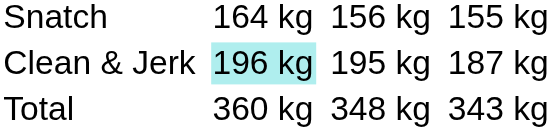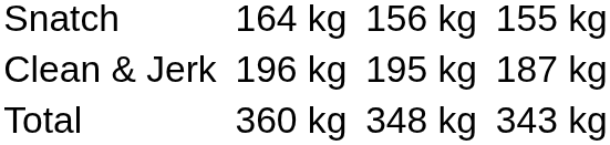 <table>
 <tr>
 <td>Snatch</td>
 <td></td>
 <td>164 kg</td>
 <td></td>
 <td>156 kg</td>
 <td></td>
 <td>155 kg</td>
 </tr>
 <tr>
 <td>Clean & Jerk</td>
 <td></td>
-<td style="background: paleturquoise;">196 kg</td>
+<td>196 kg</td>
 <td></td>
 <td>195 kg</td>
 <td></td>
 <td>187 kg</td>
 </tr>
 <tr>
 <td>Total</td>
 <td></td>
 <td>360 kg</td>
 <td></td>
 <td>348 kg</td>
 <td></td>
 <td>343 kg</td>
 </tr>
 </table>
